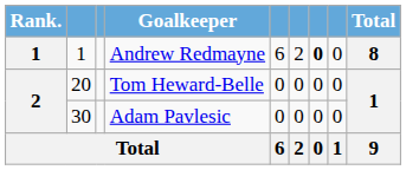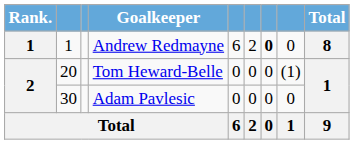 <table class="wikitable" style="text-align: center;">
 <tr>
 <th style="background:#62a8da;color:white;">Rank.</th>
 <th style="background:#62a8da;color:white;"><br></th>
 <th style="background:#62a8da;color:white;"></th>
 <th style="background:#62a8da;color:white;">Goalkeeper</th>
 <th style="background:#62a8da;color:white;"></th>
 <th style="background:#62a8da;color:white;"></th>
 <th style="background:#62a8da;color:white;"></th>
 <th style="background:#62a8da;color:white;"></th>
 <th style="background:#62a8da;color:white;">Total</th>
 </tr>
 <tr>
 <th>1</th>
 <td>1</td>
 <td></td>
 <td align=left><a href='#'>Andrew Redmayne</a></td>
 <td>6</td>
 <td>2</td>
 <td><strong>0</strong></td>
 <td>0</td>
 <th>8</th>
 </tr>
 <tr>
 <th rowspan="2">2</th>
 <td>20</td>
 <td></td>
 <td align=left><a href='#'>Tom Heward-Belle</a></td>
 <td>0</td>
 <td>0</td>
 <td>0</td>
-<td>0</td>
+<td>(1)</td>
 <th rowspan="2">1</th>
 </tr>
 <tr>
 <td>30</td>
 <td></td>
 <td align=left><a href='#'>Adam Pavlesic</a></td>
 <td>0</td>
 <td>0</td>
 <td>0</td>
 <td>0</td>
 </tr>
 <tr>
 <th colspan="4">Total</th>
 <th>6</th>
 <th>2</th>
 <th>0</th>
 <th>1</th>
 <th>9</th>
 </tr>
 </table>
